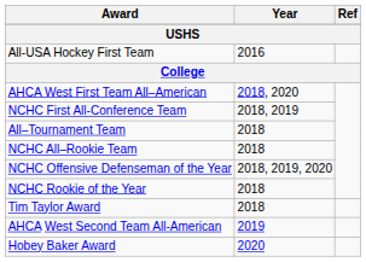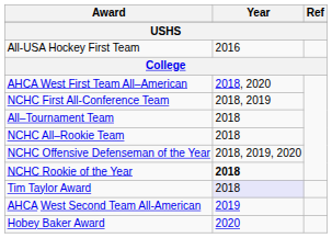 <table class="wikitable">
 <tr>
 <th>Award</th>
 <th>Year</th>
 <th>Ref</th>
 </tr>
 <tr>
 </tr>
 <tr>
 <th colspan="3">USHS</th>
 </tr>
 <tr>
 <td>All-USA Hockey First Team</td>
 <td>2016</td>
 <td></td>
 </tr>
 <tr>
 <th colspan="3"><a href='#'>College</a></th>
 </tr>
 <tr>
 <td><a href='#'>AHCA West First Team All–American</a></td>
 <td><a href='#'>2018</a>, 2020</td>
 <td rowspan="6"></td>
 </tr>
 <tr>
 <td><a href='#'>NCHC First All-Conference Team</a></td>
 <td>2018, 2019</td>
 </tr>
 <tr>
 <td><a href='#'>All–Tournament Team</a></td>
 <td>2018</td>
 </tr>
 <tr>
 <td><a href='#'>NCHC All–Rookie Team</a></td>
 <td>2018</td>
 </tr>
 <tr>
 <td><a href='#'>NCHC Offensive Defenseman of the Year</a></td>
 <td>2018, 2019, 2020</td>
 </tr>
 <tr>
 <td><a href='#'>NCHC Rookie of the Year</a></td>
-<td>2018</td>
+<td><strong>2018</strong></td>
 </tr>
 <tr>
 <td><a href='#'>Tim Taylor Award</a></td>
-<td>2018</td>
+<td style="background: lavender;">2018</td>
 <td></td>
 </tr>
 <tr>
 <td><a href='#'>AHCA</a> <a href='#'>West Second Team All-American</a></td>
 <td><a href='#'>2019</a></td>
 <td></td>
 </tr>
 <tr>
 <td><a href='#'>Hobey Baker Award</a></td>
 <td><a href='#'>2020</a></td>
 <td></td>
 </tr>
 </table>
